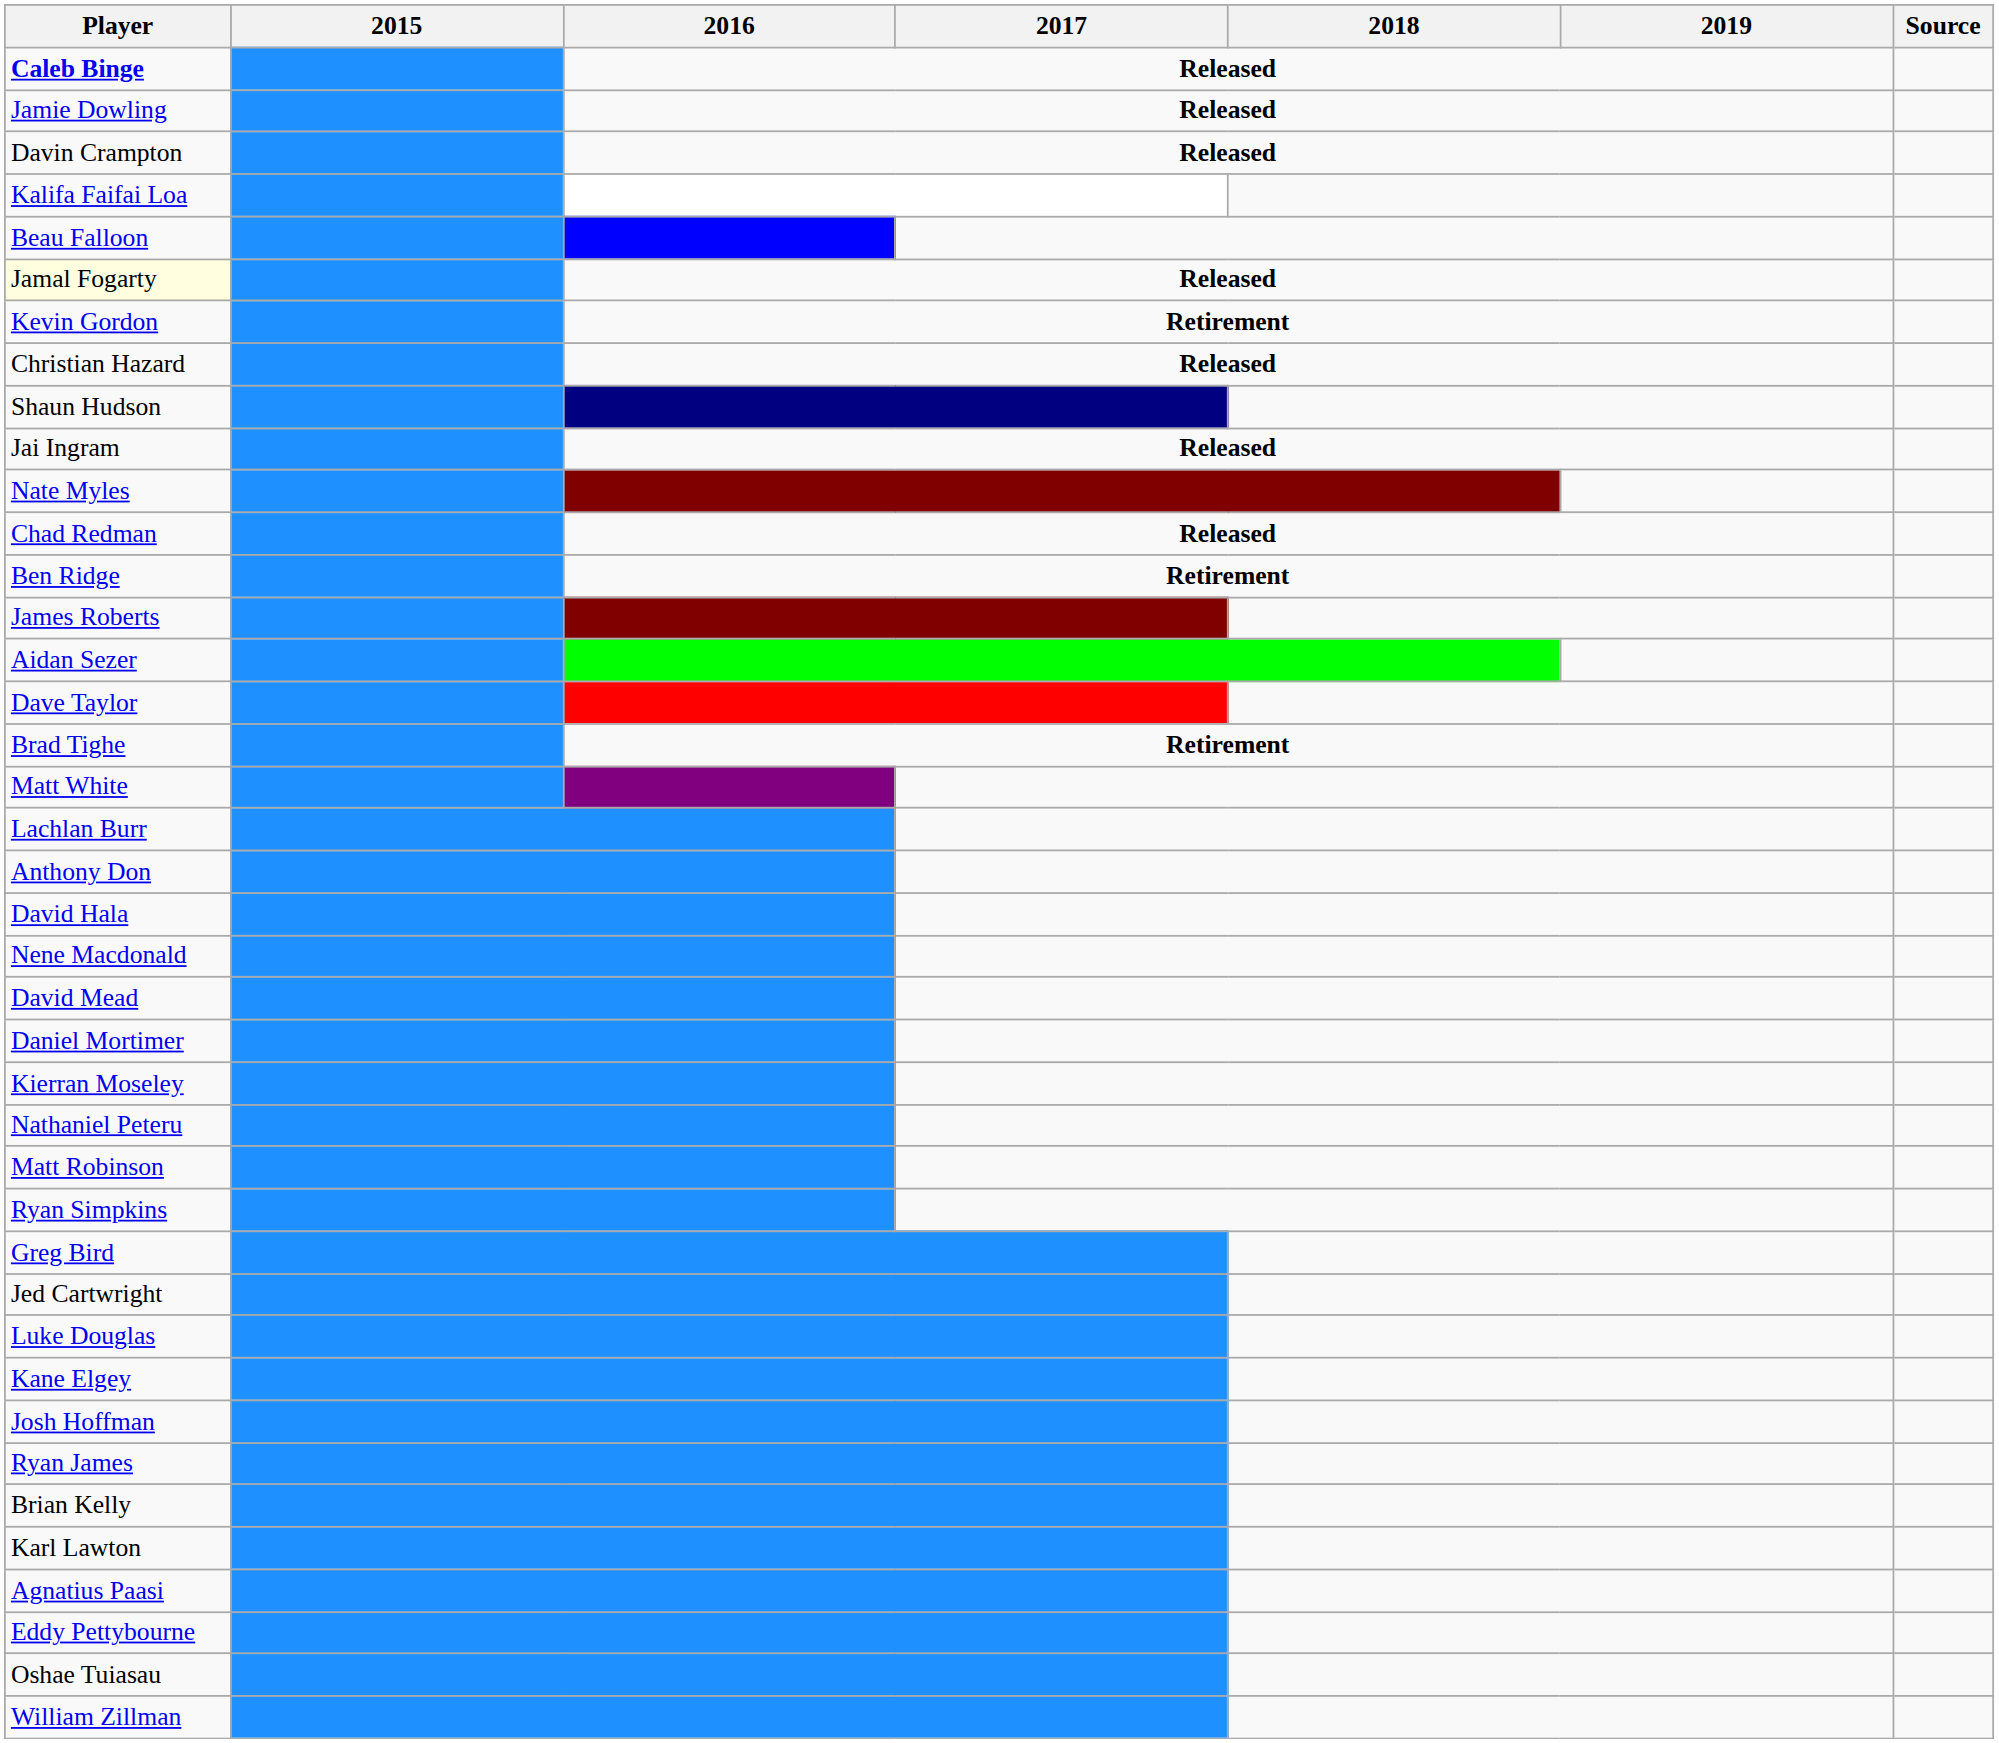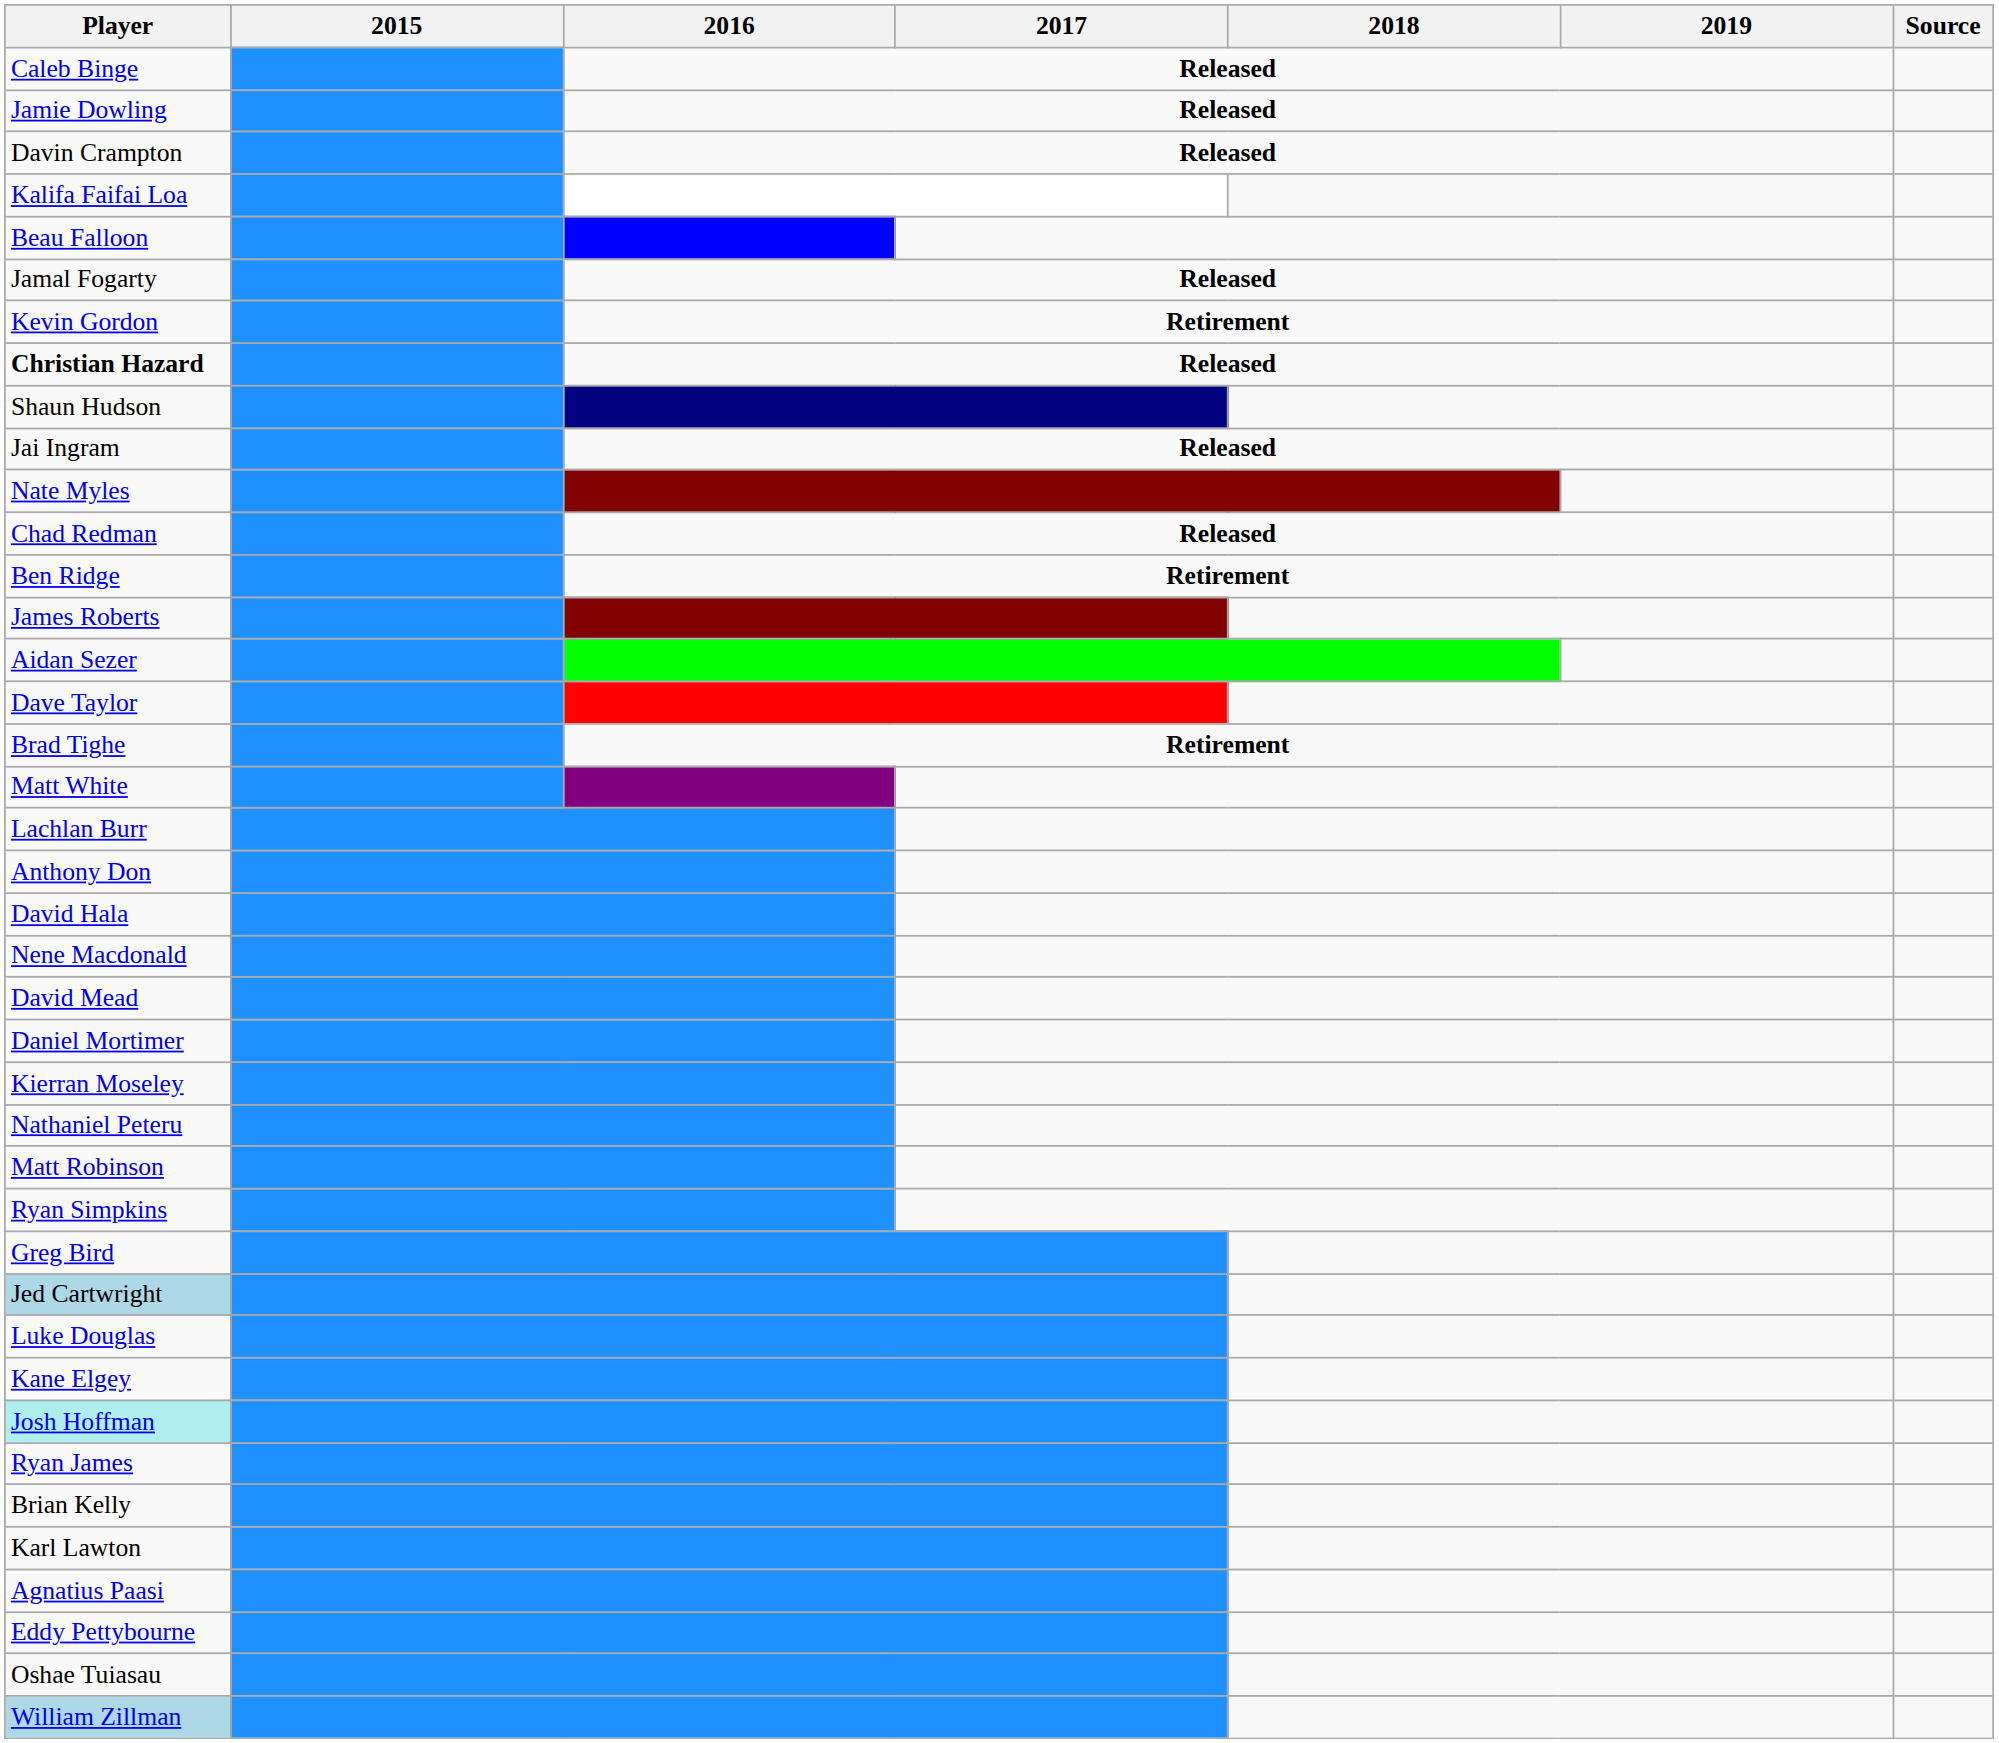 <table class="wikitable" style="font-size:90%">
 <tr>
 <th width="120">Player</th>
 <th width="180">2015</th>
 <th width="180">2016</th>
 <th width="180">2017</th>
 <th width="180">2018</th>
 <th width="180">2019</th>
 <th width="50">Source</th>
 </tr>
 <tr>
-<td><strong><a href='#'>Caleb Binge</a></strong></td>
+<td><a href='#'>Caleb Binge</a></td>
 <td colspan="1" style="background-color:dodgerblue;"></td>
 <td colspan="4" style="text-align:center;"><strong>Released</strong></td>
 <td></td>
 </tr>
 <tr>
 <td><a href='#'>Jamie Dowling</a></td>
 <td colspan="1" style="background-color:dodgerblue;"></td>
 <td colspan="4" style="text-align:center;"><strong>Released</strong></td>
 <td></td>
 </tr>
 <tr>
 <td>Davin Crampton</td>
 <td colspan="1" style="background-color:dodgerblue;"></td>
 <td colspan="4" style="text-align:center;"><strong>Released</strong></td>
 <td></td>
 </tr>
 <tr>
 <td><a href='#'>Kalifa Faifai Loa</a></td>
 <td colspan="1" style="background-color:dodgerblue;"></td>
 <td colspan="2" style="background-color:white;"></td>
 <td colspan="2"></td>
 <td></td>
 </tr>
 <tr>
 <td><a href='#'>Beau Falloon</a></td>
 <td colspan="1" style="background-color:dodgerblue;"></td>
 <td colspan="1" style="background-color:Blue;"></td>
 <td colspan="3"></td>
 <td></td>
 </tr>
 <tr>
-<td style="background: lightyellow;">Jamal Fogarty</td>
+<td>Jamal Fogarty</td>
 <td colspan="1" style="background-color:dodgerblue;"></td>
 <td colspan="4" style="text-align:center;"><strong>Released</strong></td>
 <td></td>
 </tr>
 <tr>
 <td><a href='#'>Kevin Gordon</a></td>
 <td colspan="1" style="background-color:dodgerblue;"></td>
 <td colspan="4" style="text-align:center;"><strong>Retirement</strong></td>
 <td></td>
 </tr>
 <tr>
-<td>Christian Hazard</td>
+<td><strong>Christian Hazard</strong></td>
 <td colspan="1" style="background-color:dodgerblue;"></td>
 <td colspan="4" style="text-align:center;"><strong>Released</strong></td>
 <td></td>
 </tr>
 <tr>
 <td>Shaun Hudson</td>
 <td colspan="1" style="background-color:dodgerblue;"></td>
 <td colspan="2" style="background-color:navy;"></td>
 <td colspan="2"></td>
 <td></td>
 </tr>
 <tr>
 <td>Jai Ingram</td>
 <td colspan="1" style="background-color:dodgerblue;"></td>
 <td colspan="4" style="text-align:center;"><strong>Released</strong></td>
 <td></td>
 </tr>
 <tr>
 <td><a href='#'>Nate Myles</a></td>
 <td colspan="1" style="background-color:dodgerblue;"></td>
 <td colspan="3" style="background-color:maroon;"></td>
 <td colspan="1"></td>
 <td></td>
 </tr>
 <tr>
 <td><a href='#'>Chad Redman</a></td>
 <td colspan="1" style="background-color:dodgerblue;"></td>
 <td colspan="4" style="text-align:center;"><strong>Released</strong></td>
 <td></td>
 </tr>
 <tr>
 <td><a href='#'>Ben Ridge</a></td>
 <td colspan="1" style="background-color:dodgerblue;"></td>
 <td colspan="4" style="text-align:center;"><strong>Retirement</strong></td>
 <td></td>
 </tr>
 <tr>
 <td><a href='#'>James Roberts</a></td>
 <td colspan="1" style="background-color:dodgerblue;"></td>
 <td colspan="2" style="background-color:maroon;"></td>
 <td colspan="2"></td>
 <td></td>
 </tr>
 <tr>
 <td><a href='#'>Aidan Sezer</a></td>
 <td colspan="1" style="background-color:dodgerblue;"></td>
 <td colspan="3" style="background-color:lime;"></td>
 <td colspan="1"></td>
 <td></td>
 </tr>
 <tr>
 <td><a href='#'>Dave Taylor</a></td>
 <td colspan="1" style="background-color:dodgerblue;"></td>
 <td colspan="2" style="background-color:Red;"></td>
 <td colspan="2"></td>
 <td></td>
 </tr>
 <tr>
 <td><a href='#'>Brad Tighe</a></td>
 <td colspan="1" style="background-color:dodgerblue;"></td>
 <td colspan="4" style="text-align:center;"><strong>Retirement</strong></td>
 <td></td>
 </tr>
 <tr>
 <td><a href='#'>Matt White</a></td>
 <td colspan="1" style="background-color:dodgerblue;"></td>
 <td colspan="1" style="background-color:purple;"></td>
 <td colspan="3"></td>
 <td></td>
 </tr>
 <tr>
 <td><a href='#'>Lachlan Burr</a></td>
 <td colspan="2" style="background-color:dodgerblue;"></td>
 <td colspan="3"></td>
 <td></td>
 </tr>
 <tr>
 <td><a href='#'>Anthony Don</a></td>
 <td colspan="2" style="background-color:dodgerblue;"></td>
 <td colspan="3"></td>
 <td></td>
 </tr>
 <tr>
 <td><a href='#'>David Hala</a></td>
 <td colspan="2" style="background-color:dodgerblue;"></td>
 <td colspan="3"></td>
 <td></td>
 </tr>
 <tr>
 <td><a href='#'>Nene Macdonald</a></td>
 <td colspan="2" style="background-color:dodgerblue;"></td>
 <td colspan="3"></td>
 <td></td>
 </tr>
 <tr>
 <td><a href='#'>David Mead</a></td>
 <td colspan="2" style="background-color:dodgerblue;"></td>
 <td colspan="3"></td>
 <td></td>
 </tr>
 <tr>
 <td><a href='#'>Daniel Mortimer</a></td>
 <td colspan="2" style="background-color:dodgerblue;"></td>
 <td colspan="3"></td>
 <td></td>
 </tr>
 <tr>
 <td><a href='#'>Kierran Moseley</a></td>
 <td colspan="2" style="background-color:dodgerblue;"></td>
 <td colspan="3"></td>
 <td></td>
 </tr>
 <tr>
 <td><a href='#'>Nathaniel Peteru</a></td>
 <td colspan="2" style="background-color:dodgerblue;"></td>
 <td colspan="3"></td>
 <td></td>
 </tr>
 <tr>
 <td><a href='#'>Matt Robinson</a></td>
 <td colspan="2" style="background-color:dodgerblue;"></td>
 <td colspan="3"></td>
 <td></td>
 </tr>
 <tr>
 <td><a href='#'>Ryan Simpkins</a></td>
 <td colspan="2" style="background-color:dodgerblue;"></td>
 <td colspan="3"></td>
 <td></td>
 </tr>
 <tr>
 <td><a href='#'>Greg Bird</a></td>
 <td colspan="3" style="background-color:dodgerblue;"></td>
 <td colspan="2"></td>
 <td></td>
 </tr>
 <tr>
-<td>Jed Cartwright</td>
+<td style="background: lightblue;">Jed Cartwright</td>
 <td colspan="3" style="background-color:dodgerblue;"></td>
 <td colspan="2"></td>
 <td></td>
 </tr>
 <tr>
 <td><a href='#'>Luke Douglas</a></td>
 <td colspan="3" style="background-color:dodgerblue;"></td>
 <td colspan="2"></td>
 <td></td>
 </tr>
 <tr>
 <td><a href='#'>Kane Elgey</a></td>
 <td colspan="3" style="background-color:dodgerblue;"></td>
 <td colspan="2"></td>
 <td></td>
 </tr>
 <tr>
-<td><a href='#'>Josh Hoffman</a></td>
+<td style="background: paleturquoise;"><a href='#'>Josh Hoffman</a></td>
 <td colspan="3" style="background-color:dodgerblue;"></td>
 <td colspan="2"></td>
 <td></td>
 </tr>
 <tr>
 <td><a href='#'>Ryan James</a></td>
 <td colspan="3" style="background-color:dodgerblue;"></td>
 <td colspan="2"></td>
 <td></td>
 </tr>
 <tr>
 <td>Brian Kelly</td>
 <td colspan="3" style="background-color:dodgerblue;"></td>
 <td colspan="2"></td>
 <td></td>
 </tr>
 <tr>
 <td>Karl Lawton</td>
 <td colspan="3" style="background-color:dodgerblue;"></td>
 <td colspan="2"></td>
 <td></td>
 </tr>
 <tr>
 <td><a href='#'>Agnatius Paasi</a></td>
 <td colspan="3" style="background-color:dodgerblue;"></td>
 <td colspan="2"></td>
 <td></td>
 </tr>
 <tr>
 <td><a href='#'>Eddy Pettybourne</a></td>
 <td colspan="3" style="background-color:dodgerblue;"></td>
 <td colspan="2"></td>
 <td></td>
 </tr>
 <tr>
 <td>Oshae Tuiasau</td>
 <td colspan="3" style="background-color:dodgerblue;"></td>
 <td colspan="2"></td>
 <td></td>
 </tr>
 <tr>
-<td><a href='#'>William Zillman</a></td>
+<td style="background: lightblue;"><a href='#'>William Zillman</a></td>
 <td colspan="3" style="background-color:dodgerblue;"></td>
 <td colspan="2"></td>
 <td></td>
 </tr>
 </table>
